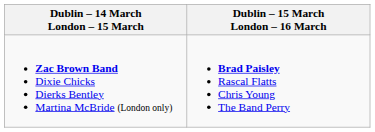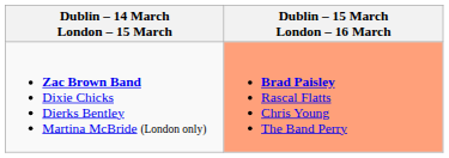 <table class="wikitable">
 <tr>
 <th scope="col" style="width: 250px;">Dublin – 14 March<br>London – 15 March</th>
 <th scope="col" style="width: 250px;">Dublin – 15 March<br>London – 16 March</th>
 </tr>
 <tr style="vertical-align: top;">
 <td><br><ul><li><strong><a href='#'>Zac Brown Band</a></strong></li><li><a href='#'>Dixie Chicks</a></li><li><a href='#'>Dierks Bentley</a></li><li><a href='#'>Martina McBride</a> <small>(London only)</small></li></ul></td>
-<td><br><ul><li><strong><a href='#'>Brad Paisley</a></strong></li><li><a href='#'>Rascal Flatts</a></li><li><a href='#'>Chris Young</a></li><li><a href='#'>The Band Perry</a></li></ul></td>
+<td style="background: lightsalmon;"><br><ul><li><strong><a href='#'>Brad Paisley</a></strong></li><li><a href='#'>Rascal Flatts</a></li><li><a href='#'>Chris Young</a></li><li><a href='#'>The Band Perry</a></li></ul></td>
 </tr>
 </table>
